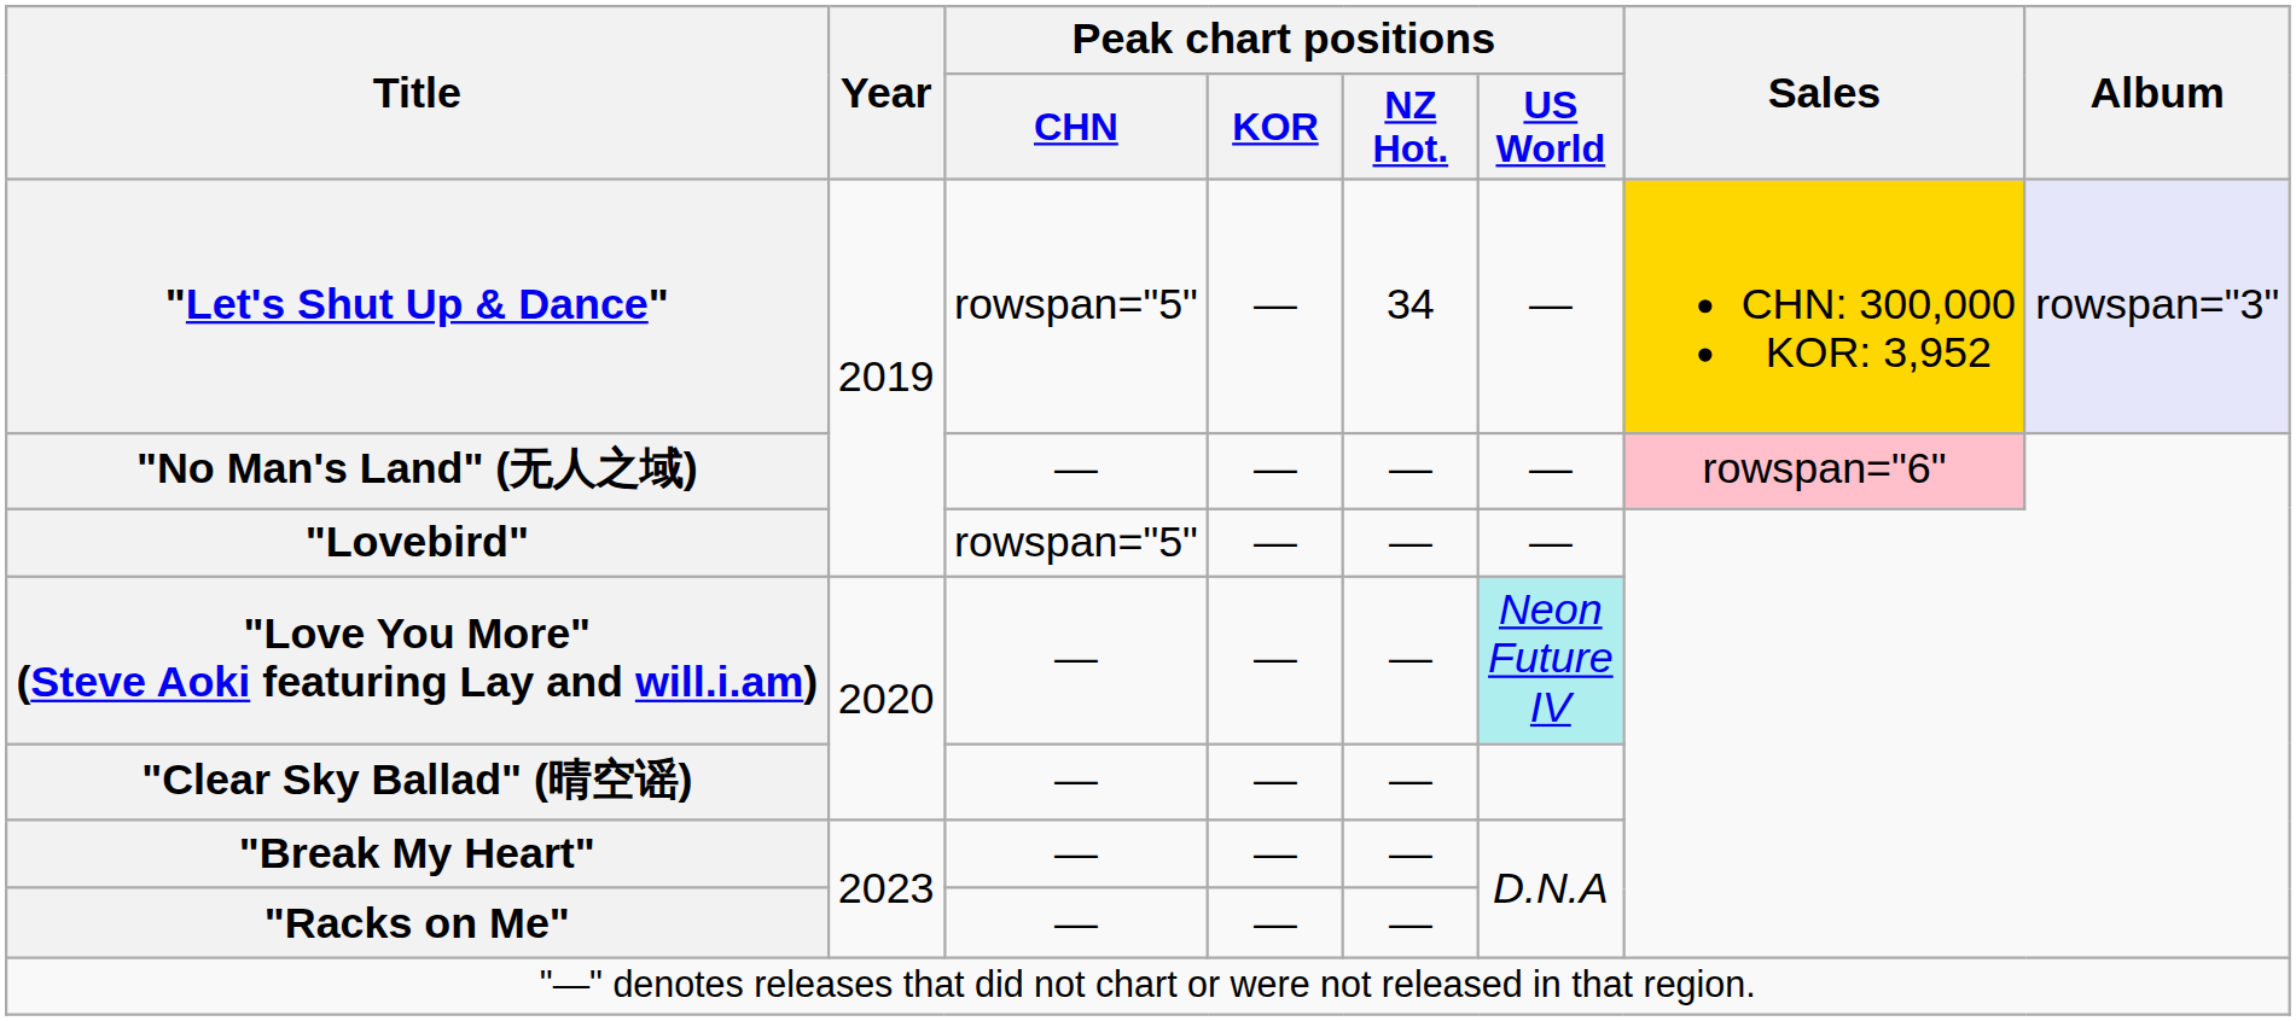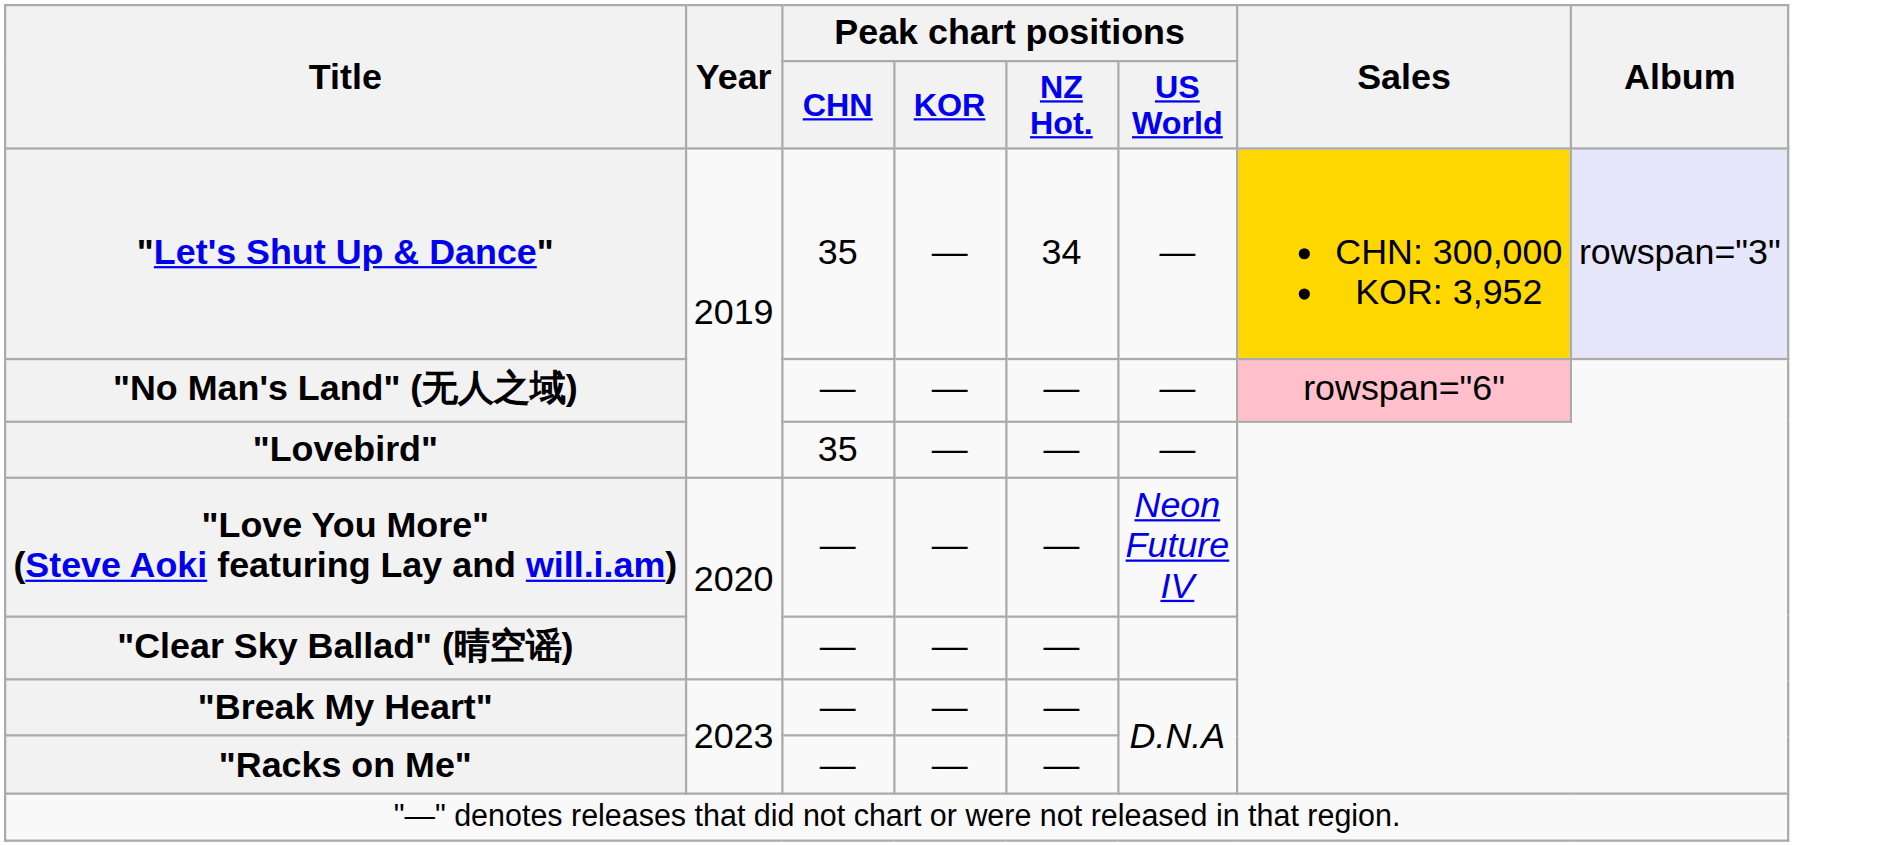 <table class="wikitable plainrowheaders" style="text-align:center;">
 <tr>
 <th rowspan="2">Title</th>
 <th rowspan="2">Year</th>
 <th colspan="4">Peak chart positions</th>
 <th rowspan="2">Sales</th>
 <th rowspan="2">Album</th>
 </tr>
 <tr>
 <th scope="col" style="width:3em;font-size:90%;"><a href='#'>CHN</a><br></th>
 <th scope="col" style="width:3em;font-size:90%;"><a href='#'>KOR</a></th>
 <th scope="col" style="width:3em;font-size:90%;"><a href='#'>NZ Hot.</a><br></th>
 <th scope="col" style="width:3em;font-size:90%;"><a href='#'>US<br>World</a></th>
 </tr>
 <tr>
 <th scope="row">"<a href='#'>Let's Shut Up & Dance</a>"<br></th>
 <td rowspan="3">2019</td>
-<td>rowspan="5" </td>
+<td>35</td>
 <td>—</td>
 <td>34</td>
 <td>—</td>
 <td style="background: gold;"><br><ul><li>CHN: 300,000</li><li>KOR: 3,952 </li></ul></td>
 <td style="background: lavender;">rowspan="3" </td>
 </tr>
 <tr>
 <th scope="row">"No Man's Land" (无人之域)<br></th>
 <td>—</td>
 <td>—</td>
 <td>—</td>
 <td>—</td>
 <td style="background: pink;">rowspan="6" </td>
 </tr>
 <tr>
 <th scope="row">"Lovebird"<br></th>
-<td>rowspan="5" </td>
+<td>35</td>
 <td>—</td>
 <td>—</td>
 <td>—</td>
 </tr>
 <tr>
 <th scope="row">"Love You More" <br><span> (<a href='#'>Steve Aoki</a> featuring Lay and <a href='#'>will.i.am</a>)</span></th>
 <td rowspan=2>2020</td>
 <td>—</td>
 <td>—</td>
 <td>—</td>
-<td style="background: paleturquoise;"><em><a href='#'>Neon Future IV</a></em></td>
+<td><em><a href='#'>Neon Future IV</a></em></td>
 </tr>
 <tr>
 <th scope=row>"Clear Sky Ballad" (晴空谣) <br> </th>
 <td>—</td>
 <td>—</td>
 <td>—</td>
 <td></td>
 </tr>
 <tr>
 <th scope="row">"Break My Heart"<br></th>
 <td rowspan="2">2023</td>
 <td>—</td>
 <td>—</td>
 <td>—</td>
 <td rowspan="2"><em>D.N.A</em></td>
 </tr>
 <tr>
 <th scope="row">"Racks on Me"<br></th>
 <td>—</td>
 <td>—</td>
 <td>—</td>
 </tr>
 <tr>
 <td colspan="8" style="font-size:85%">"—" denotes releases that did not chart or were not released in that region.</td>
 </tr>
 </table>
